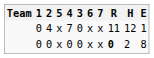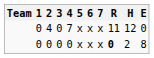 <table class="wikitable">
 <tr>
 <th style="border-style: none none none none;">Team</th>
 <th style="border-style: none none none none;">1</th>
 <th style="border-style: none none none none;">2</th>
+<th style="border-style: none none none none;">3</th>
+<th style="border-style: none none none none;">4</th>
 <th style="border-style: none none none none;">5</th>
-<th style="border-style: none none none none;">4</th>
-<th style="border-style: none none none none;">3</th>
 <th style="border-style: none none none none;">6</th>
 <th style="border-style: none none none none;">7</th>
 <th style="border-style: none none none none;">R</th>
 <th style="border-style: none none none none;">H</th>
 <th style="border-style: none none none none;">E</th>
 </tr>
 <tr>
 <td style="border-style: none none none none;"></td>
 <td style="border-style: none none none none;">0</td>
 <td style="border-style: none none none none;">4</td>
+<td style="border-style: none none none none;">0</td>
+<td style="border-style: none none none none;">7</td>
 <td style="border-style: none none none none;">x</td>
-<td style="border-style: none none none none;">7</td>
-<td style="border-style: none none none none;">0</td>
 <td style="border-style: none none none none;">x</td>
 <td style="border-style: none none none none;">x</td>
 <td style="border-style: none none none none;">11</td>
 <td style="border-style: none none none none;">12</td>
-<td style="border-style: none none none none;">1</td>
+<td style="border-style: none none none none;">0</td>
 </tr>
 <tr>
 <td style="border-style: none none none none;"></td>
 <td style="border-style: none none none none;">0</td>
 <td style="border-style: none none none none;">0</td>
-<td style="border-style: none none none none;">x</td>
 <td style="border-style: none none none none;">0</td>
 <td style="border-style: none none none none;">0</td>
+<td style="border-style: none none none none;">x</td>
 <td style="border-style: none none none none;">x</td>
 <td style="border-style: none none none none;">x</td>
 <td style="border-style: none none none none;"><strong>0</strong></td>
 <td style="border-style: none none none none;">2</td>
 <td style="border-style: none none none none;">8</td>
 </tr>
 </table>
